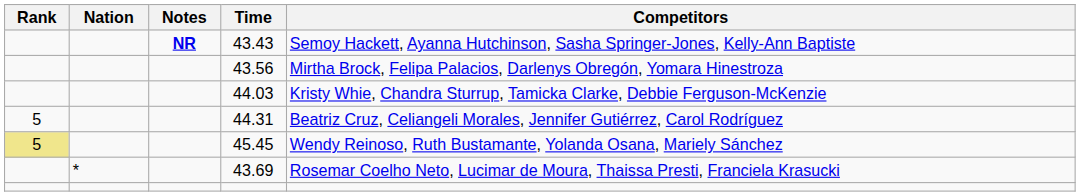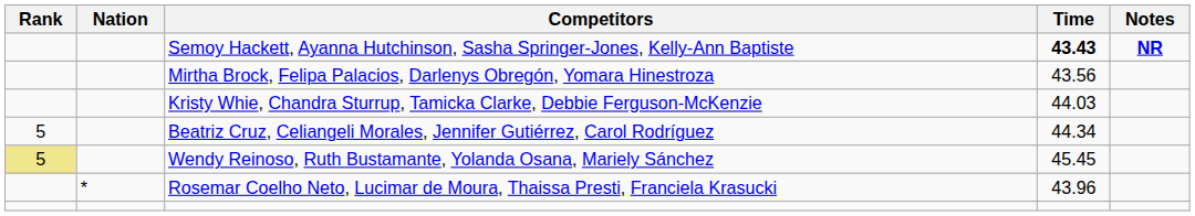 <table class="wikitable sortable" width=80% style="text-align:center; font-size:95%">
 <tr>
 <th>Rank</th>
 <th>Nation</th>
+<th>Competitors</th>
+<th>Time</th>
 <th>Notes</th>
-<th>Time</th>
-<th>Competitors</th>
 </tr>
 <tr>
 <td></td>
 <td align=left></td>
+<td align=left><a href='#'>Semoy Hackett</a>, <a href='#'>Ayanna Hutchinson</a>, <a href='#'>Sasha Springer-Jones</a>, <a href='#'>Kelly-Ann Baptiste</a></td>
+<td><strong>43.43</strong></td>
 <td><strong><a href='#'>NR</a></strong></td>
-<td>43.43</td>
-<td align=left><a href='#'>Semoy Hackett</a>, <a href='#'>Ayanna Hutchinson</a>, <a href='#'>Sasha Springer-Jones</a>, <a href='#'>Kelly-Ann Baptiste</a></td>
 </tr>
 <tr>
 <td></td>
 <td align=left></td>
+<td align=left><a href='#'>Mirtha Brock</a>, <a href='#'>Felipa Palacios</a>, <a href='#'>Darlenys Obregón</a>, <a href='#'>Yomara Hinestroza</a></td>
+<td>43.56</td>
 <td></td>
-<td>43.56</td>
-<td align=left><a href='#'>Mirtha Brock</a>, <a href='#'>Felipa Palacios</a>, <a href='#'>Darlenys Obregón</a>, <a href='#'>Yomara Hinestroza</a></td>
 </tr>
 <tr>
 <td></td>
 <td align=left></td>
+<td align=left><a href='#'>Kristy Whie</a>, <a href='#'>Chandra Sturrup</a>, <a href='#'>Tamicka Clarke</a>, <a href='#'>Debbie Ferguson-McKenzie</a></td>
+<td>44.03</td>
 <td></td>
-<td>44.03</td>
-<td align=left><a href='#'>Kristy Whie</a>, <a href='#'>Chandra Sturrup</a>, <a href='#'>Tamicka Clarke</a>, <a href='#'>Debbie Ferguson-McKenzie</a></td>
 </tr>
 <tr>
 <td>5</td>
 <td align=left></td>
+<td align=left><a href='#'>Beatriz Cruz</a>, <a href='#'>Celiangeli Morales</a>, <a href='#'>Jennifer Gutiérrez</a>, <a href='#'>Carol Rodríguez</a></td>
+<td>44.34</td>
 <td></td>
-<td>44.31</td>
-<td align=left><a href='#'>Beatriz Cruz</a>, <a href='#'>Celiangeli Morales</a>, <a href='#'>Jennifer Gutiérrez</a>, <a href='#'>Carol Rodríguez</a></td>
 </tr>
 <tr>
 <td style="background: khaki;">5</td>
 <td align=left></td>
+<td align=left><a href='#'>Wendy Reinoso</a>, <a href='#'>Ruth Bustamante</a>, <a href='#'>Yolanda Osana</a>, <a href='#'>Mariely Sánchez</a></td>
+<td>45.45</td>
 <td></td>
-<td>45.45</td>
-<td align=left><a href='#'>Wendy Reinoso</a>, <a href='#'>Ruth Bustamante</a>, <a href='#'>Yolanda Osana</a>, <a href='#'>Mariely Sánchez</a></td>
 </tr>
 <tr>
 <td></td>
 <td align=left>*</td>
+<td align=left><a href='#'>Rosemar Coelho Neto</a>, <a href='#'>Lucimar de Moura</a>, <a href='#'>Thaissa Presti</a>, <a href='#'>Franciela Krasucki</a></td>
+<td>43.96</td>
 <td></td>
-<td>43.69</td>
-<td align=left><a href='#'>Rosemar Coelho Neto</a>, <a href='#'>Lucimar de Moura</a>, <a href='#'>Thaissa Presti</a>, <a href='#'>Franciela Krasucki</a></td>
 </tr>
 <tr>
 <td></td>
 <td align=left></td>
+<td align=left></td>
 <td></td>
 <td></td>
-<td align=left></td>
 </tr>
 </table>
